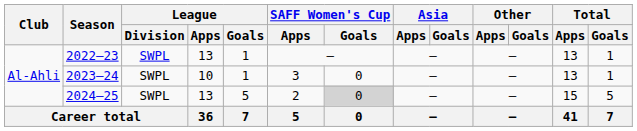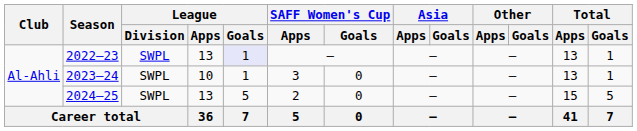 <table class="wikitable" style="text-align: center">
 <tr>
 <th rowspan="2">Club</th>
 <th rowspan="2">Season</th>
 <th colspan="3">League</th>
 <th colspan="2"><a href='#'>SAFF Women's Cup</a></th>
 <th colspan="2"><a href='#'>Asia</a></th>
 <th colspan="2">Other</th>
 <th colspan="2">Total</th>
 </tr>
 <tr>
 <th>Division</th>
 <th>Apps</th>
 <th>Goals</th>
 <th>Apps</th>
 <th>Goals</th>
 <th>Apps</th>
 <th>Goals</th>
 <th>Apps</th>
 <th>Goals</th>
 <th>Apps</th>
 <th>Goals</th>
 </tr>
 <tr>
 <td rowspan=3><a href='#'>Al-Ahli</a></td>
 <td><a href='#'>2022–23</a></td>
 <td><a href='#'>SWPL</a></td>
 <td>13</td>
-<td>1</td>
+<td style="background: lavender;">1</td>
 <td colspan="2">—</td>
 <td colspan="2">—</td>
 <td colspan="2">—</td>
 <td>13</td>
 <td>1</td>
 </tr>
 <tr>
 <td><a href='#'>2023–24</a></td>
 <td>SWPL</td>
 <td>10</td>
 <td>1</td>
 <td>3</td>
 <td>0</td>
 <td colspan="2">—</td>
 <td colspan="2">—</td>
 <td>13</td>
 <td>1</td>
 </tr>
 <tr>
 <td><a href='#'>2024–25</a></td>
 <td>SWPL</td>
 <td>13</td>
 <td>5</td>
 <td>2</td>
-<td style="background: lightgrey;">0</td>
+<td>0</td>
 <td colspan="2">—</td>
 <td colspan="2">—</td>
 <td>15</td>
 <td>5</td>
 </tr>
 <tr>
 <th colspan="3">Career total</th>
 <th>36</th>
 <th>7</th>
 <th>5</th>
 <th>0</th>
 <th colspan="2">—</th>
 <th colspan="2">—</th>
 <th>41</th>
 <th>7</th>
 </tr>
 </table>
